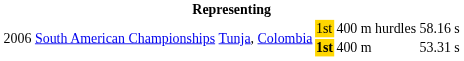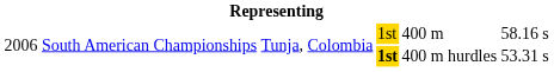 <table>
 <tr>
 <th colspan="6">Representing </th>
 </tr>
 <tr>
 <td rowspan=2>2006</td>
 <td rowspan=2><a href='#'>South American Championships</a></td>
 <td rowspan=2><a href='#'>Tunja</a>, <a href='#'>Colombia</a></td>
 <td bgcolor="gold">1st</td>
-<td>400 m hurdles</td>
+<td>400 m</td>
 <td>58.16 s</td>
 </tr>
 <tr>
 <td bgcolor="gold"><strong>1st</strong></td>
-<td>400 m</td>
+<td>400 m hurdles</td>
 <td>53.31 s</td>
 </tr>
 </table>
